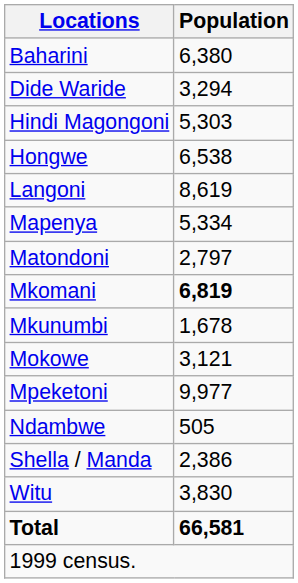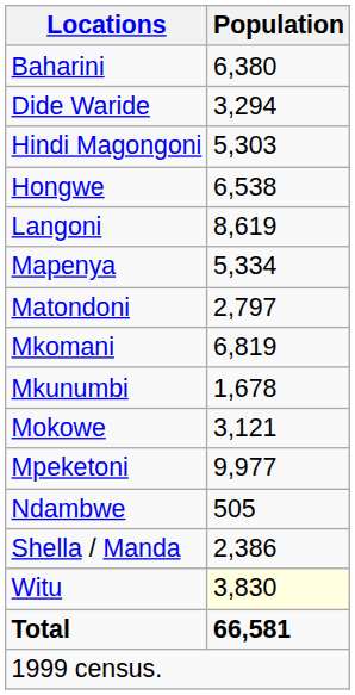 <table class="wikitable">
 <tr>
 <th><a href='#'>Locations</a></th>
 <th>Population</th>
 </tr>
 <tr>
 <td><a href='#'>Baharini</a></td>
 <td>6,380</td>
 </tr>
 <tr>
 <td><a href='#'>Dide Waride</a></td>
 <td>3,294</td>
 </tr>
 <tr>
 <td><a href='#'>Hindi Magongoni</a></td>
 <td>5,303</td>
 </tr>
 <tr>
 <td><a href='#'>Hongwe</a></td>
 <td>6,538</td>
 </tr>
 <tr>
 <td><a href='#'>Langoni</a></td>
 <td>8,619</td>
 </tr>
 <tr>
 <td><a href='#'>Mapenya</a></td>
 <td>5,334</td>
 </tr>
 <tr>
 <td><a href='#'>Matondoni</a></td>
 <td>2,797</td>
 </tr>
 <tr>
 <td><a href='#'>Mkomani</a></td>
-<td><strong>6,819</strong></td>
+<td>6,819</td>
 </tr>
 <tr>
 <td><a href='#'>Mkunumbi</a></td>
 <td>1,678</td>
 </tr>
 <tr>
 <td><a href='#'>Mokowe</a></td>
 <td>3,121</td>
 </tr>
 <tr>
 <td><a href='#'>Mpeketoni</a></td>
 <td>9,977</td>
 </tr>
 <tr>
 <td><a href='#'>Ndambwe</a></td>
 <td>505</td>
 </tr>
 <tr>
 <td><a href='#'>Shella</a> / <a href='#'>Manda</a></td>
 <td>2,386</td>
 </tr>
 <tr>
 <td><a href='#'>Witu</a></td>
-<td>3,830</td>
+<td style="background: lightyellow;">3,830</td>
 </tr>
 <tr>
 <td><strong>Total</strong></td>
 <td><strong>66,581</strong></td>
 </tr>
 <tr>
 <td colspan="2">1999 census.</td>
 </tr>
 </table>
